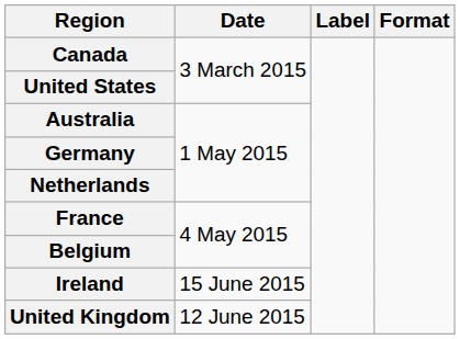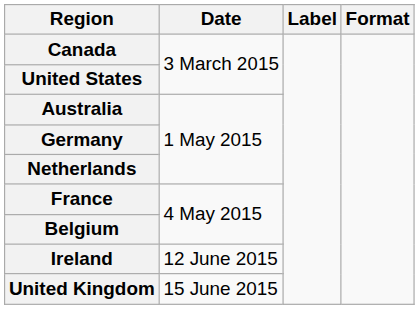 <table class="wikitable plainrowheaders">
 <tr>
 <th scope="col">Region</th>
 <th scope="col">Date</th>
 <th scope="col">Label</th>
 <th scope="col">Format</th>
 </tr>
 <tr>
 <th scope="row">Canada</th>
 <td rowspan="2">3 March 2015</td>
 <td rowspan="9"></td>
 <td rowspan="9"></td>
 </tr>
 <tr>
 <th scope="row">United States</th>
 </tr>
 <tr>
 <th scope="row">Australia</th>
 <td rowspan="3">1 May 2015</td>
 </tr>
 <tr>
 <th scope="row">Germany</th>
 </tr>
 <tr>
 <th scope="row">Netherlands</th>
 </tr>
 <tr>
 <th scope="row">France</th>
 <td rowspan="2">4 May 2015</td>
 </tr>
 <tr>
 <th scope="row">Belgium</th>
 </tr>
 <tr>
 <th scope="row">Ireland</th>
-<td>15 June 2015</td>
+<td>12 June 2015</td>
 </tr>
 <tr>
 <th scope="row">United Kingdom</th>
-<td>12 June 2015</td>
+<td>15 June 2015</td>
 </tr>
 </table>
